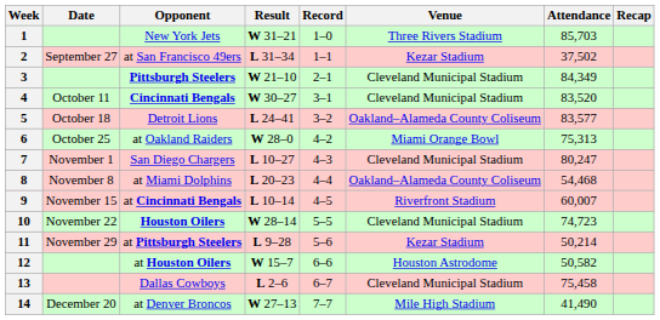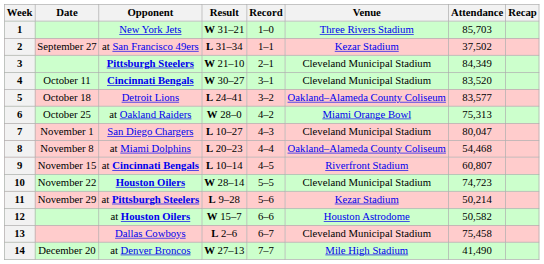 <table class="wikitable" style="text-align:center">
 <tr>
 <th>Week</th>
 <th>Date</th>
 <th>Opponent</th>
 <th>Result</th>
 <th>Record</th>
 <th>Venue</th>
 <th>Attendance</th>
 <th>Recap</th>
 </tr>
 <tr style="background:#cfc">
 <th>1</th>
 <td></td>
 <td><a href='#'>New York Jets</a></td>
 <td><strong>W</strong> 31–21</td>
 <td>1–0</td>
 <td><a href='#'>Three Rivers Stadium</a></td>
 <td>85,703</td>
 <td></td>
 </tr>
 <tr style="background:#fcc">
 <th>2</th>
 <td>September 27</td>
 <td>at <a href='#'>San Francisco 49ers</a></td>
 <td><strong>L</strong> 31–34</td>
 <td>1–1</td>
 <td><a href='#'>Kezar Stadium</a></td>
 <td>37,502</td>
 <td></td>
 </tr>
 <tr style="background:#cfc">
 <th>3</th>
 <td></td>
 <td><strong><a href='#'>Pittsburgh Steelers</a></strong></td>
 <td><strong>W</strong> 21–10</td>
 <td>2–1</td>
 <td>Cleveland Municipal Stadium</td>
 <td>84,349</td>
 <td></td>
 </tr>
 <tr style="background:#cfc">
 <th>4</th>
 <td>October 11</td>
 <td><strong><a href='#'>Cincinnati Bengals</a></strong></td>
 <td><strong>W</strong> 30–27</td>
 <td>3–1</td>
 <td>Cleveland Municipal Stadium</td>
 <td>83,520</td>
 <td></td>
 </tr>
 <tr style="background:#fcc">
 <th>5</th>
 <td>October 18</td>
 <td><a href='#'>Detroit Lions</a></td>
 <td><strong>L</strong> 24–41</td>
 <td>3–2</td>
 <td><a href='#'>Oakland–Alameda County Coliseum</a></td>
 <td>83,577</td>
 <td></td>
 </tr>
 <tr style="background:#cfc">
 <th>6</th>
 <td>October 25</td>
 <td>at <a href='#'>Oakland Raiders</a></td>
 <td><strong>W</strong> 28–0</td>
 <td>4–2</td>
 <td><a href='#'>Miami Orange Bowl</a></td>
 <td>75,313</td>
 <td></td>
 </tr>
 <tr style="background:#fcc">
 <th>7</th>
 <td>November 1</td>
 <td><a href='#'>San Diego Chargers</a></td>
 <td><strong>L</strong> 10–27</td>
 <td>4–3</td>
 <td>Cleveland Municipal Stadium</td>
-<td>80,247</td>
+<td>80,047</td>
 <td></td>
 </tr>
 <tr style="background:#fcc">
 <th>8</th>
 <td>November 8</td>
 <td>at <a href='#'>Miami Dolphins</a></td>
 <td><strong>L</strong> 20–23</td>
 <td>4–4</td>
 <td><a href='#'>Oakland–Alameda County Coliseum</a></td>
 <td>54,468</td>
 <td></td>
 </tr>
 <tr style="background:#fcc">
 <th>9</th>
 <td>November 15</td>
 <td>at <strong><a href='#'>Cincinnati Bengals</a></strong></td>
 <td><strong>L</strong> 10–14</td>
 <td>4–5</td>
 <td><a href='#'>Riverfront Stadium</a></td>
-<td>60,007</td>
+<td>60,807</td>
 <td></td>
 </tr>
 <tr style="background:#cfc">
 <th>10</th>
 <td>November 22</td>
 <td><strong><a href='#'>Houston Oilers</a></strong></td>
 <td><strong>W</strong> 28–14</td>
 <td>5–5</td>
 <td>Cleveland Municipal Stadium</td>
 <td>74,723</td>
 <td></td>
 </tr>
 <tr style="background:#fcc">
 <th>11</th>
 <td>November 29</td>
 <td>at <strong><a href='#'>Pittsburgh Steelers</a></strong></td>
 <td><strong>L</strong> 9–28</td>
 <td>5–6</td>
 <td><a href='#'>Kezar Stadium</a></td>
 <td>50,214</td>
 <td></td>
 </tr>
 <tr style="background:#cfc">
 <th>12</th>
 <td></td>
 <td>at <strong><a href='#'>Houston Oilers</a></strong></td>
 <td><strong>W</strong> 15–7</td>
 <td>6–6</td>
 <td><a href='#'>Houston Astrodome</a></td>
 <td>50,582</td>
 <td></td>
 </tr>
 <tr style="background:#fcc">
 <th>13</th>
 <td></td>
 <td><a href='#'>Dallas Cowboys</a></td>
 <td><strong>L</strong> 2–6</td>
 <td>6–7</td>
 <td>Cleveland Municipal Stadium</td>
 <td>75,458</td>
 <td></td>
 </tr>
 <tr style="background:#cfc">
 <th>14</th>
 <td>December 20</td>
 <td>at <a href='#'>Denver Broncos</a></td>
 <td><strong>W</strong> 27–13</td>
 <td>7–7</td>
 <td><a href='#'>Mile High Stadium</a></td>
 <td>41,490</td>
 <td></td>
 </tr>
 </table>
